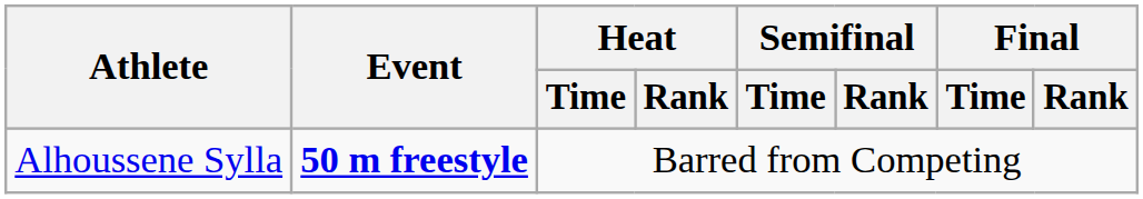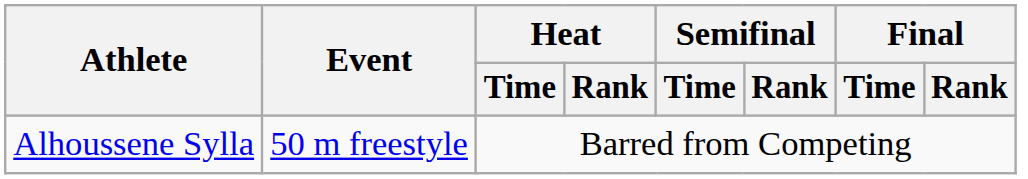 <table class=wikitable style="font-size:90%">
 <tr>
 <th rowspan=2>Athlete</th>
 <th rowspan=2>Event</th>
 <th colspan="2">Heat</th>
 <th colspan="2">Semifinal</th>
 <th colspan="2">Final</th>
 </tr>
 <tr style="font-size:95%">
 <th>Time</th>
 <th>Rank</th>
 <th>Time</th>
 <th>Rank</th>
 <th>Time</th>
 <th>Rank</th>
 </tr>
 <tr align=center>
 <td align=left><a href='#'>Alhoussene Sylla</a></td>
-<td align=left><strong><a href='#'>50 m freestyle</a></strong></td>
+<td align=left><a href='#'>50 m freestyle</a></td>
 <td colspan=6>Barred from Competing</td>
 </tr>
 </table>
